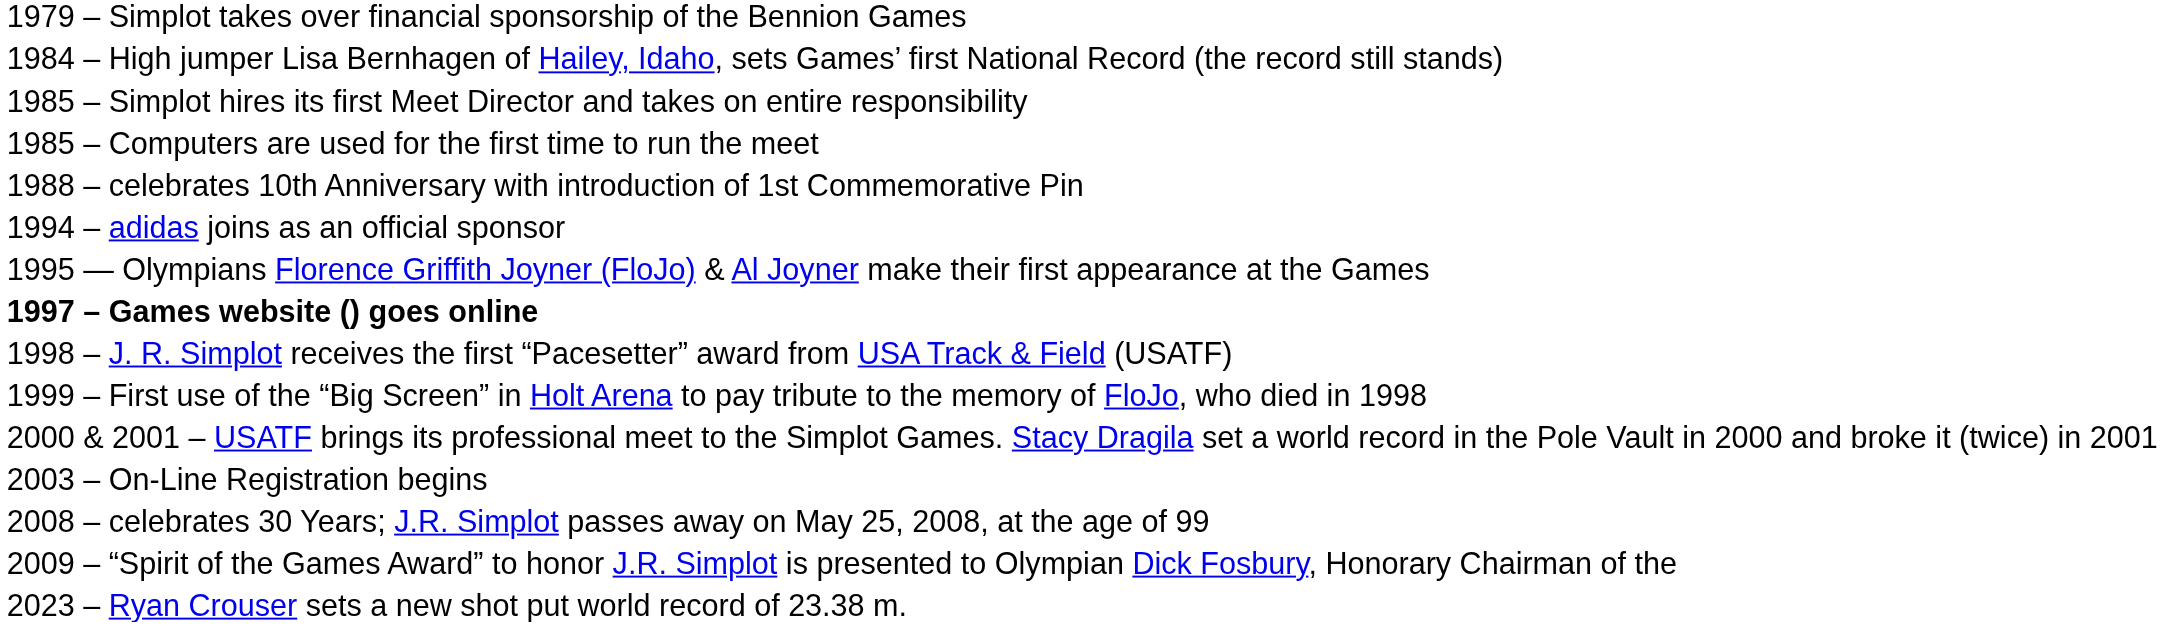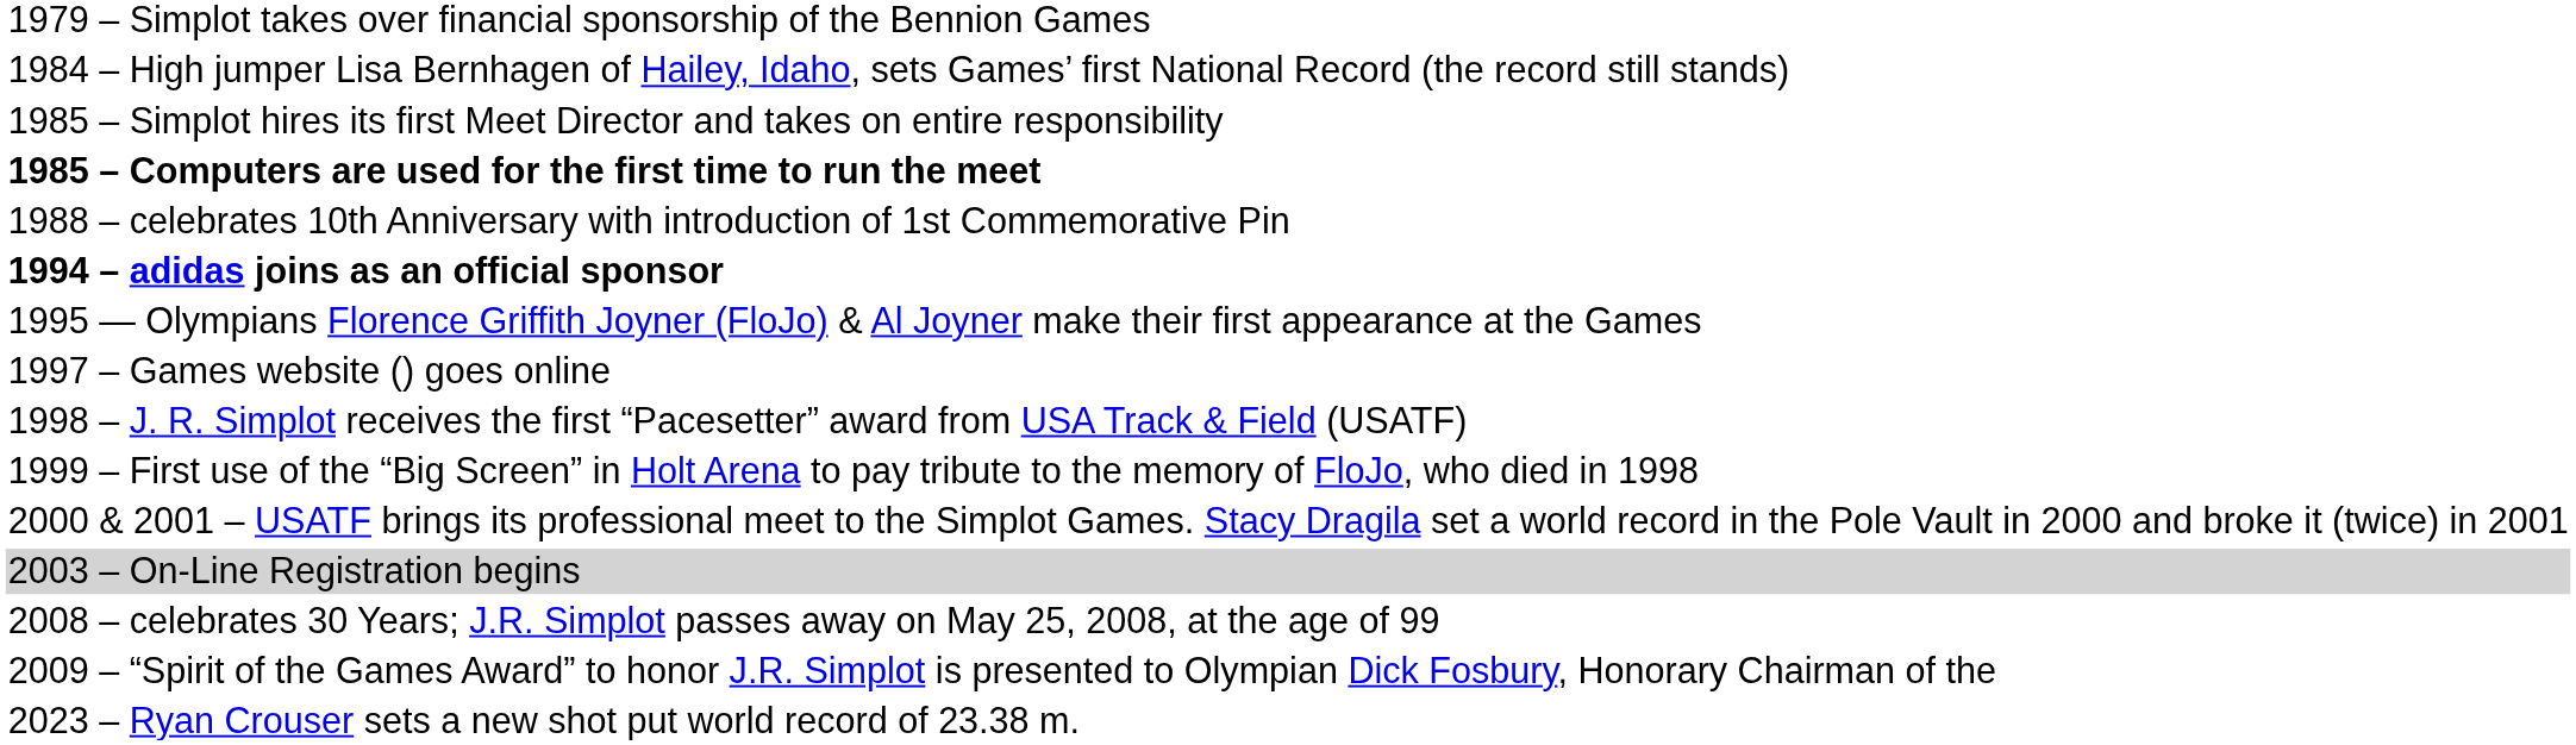 <table>
 <tr>
 <td>1979 – Simplot takes over financial sponsorship of the Bennion Games</td>
 </tr>
 <tr>
 <td>1984 – High jumper Lisa Bernhagen of <a href='#'>Hailey, Idaho</a>, sets Games’ first National Record (the record still stands)</td>
 </tr>
 <tr>
 <td>1985 – Simplot hires its first Meet Director and takes on entire responsibility</td>
 </tr>
 <tr>
-<td>1985 – Computers are used for the first time to run the meet</td>
+<td><strong>1985 – Computers are used for the first time to run the meet</strong></td>
 </tr>
 <tr>
 <td>1988 –  celebrates 10th Anniversary with introduction of 1st Commemorative Pin</td>
 </tr>
 <tr>
-<td>1994 – <a href='#'>adidas</a> joins  as an official sponsor</td>
+<td><strong>1994 – <a href='#'>adidas</a> joins  as an official sponsor</strong></td>
 </tr>
 <tr>
 <td>1995 — Olympians <a href='#'>Florence Griffith Joyner (FloJo)</a> & <a href='#'>Al Joyner</a> make their first appearance at the Games</td>
 </tr>
 <tr>
-<td><strong>1997 – Games website () goes online</strong></td>
+<td>1997 – Games website () goes online</td>
 </tr>
 <tr>
 <td>1998 – <a href='#'>J. R. Simplot</a> receives the first “Pacesetter” award from <a href='#'>USA Track & Field</a> (USATF)</td>
 </tr>
 <tr>
 <td>1999 – First use of the “Big Screen” in <a href='#'>Holt Arena</a> to pay tribute to the memory of <a href='#'>FloJo</a>, who died in 1998</td>
 </tr>
 <tr>
 <td>2000 & 2001 – <a href='#'>USATF</a> brings its professional meet to the Simplot Games. <a href='#'>Stacy Dragila</a> set a world record in the Pole Vault in 2000 and broke it (twice) in 2001</td>
 </tr>
 <tr>
-<td>2003 – On-Line Registration begins</td>
+<td style="background: lightgrey;">2003 – On-Line Registration begins</td>
 </tr>
 <tr>
 <td>2008 –  celebrates 30 Years; <a href='#'>J.R. Simplot</a> passes away on May 25, 2008, at the age of 99</td>
 </tr>
 <tr>
 <td>2009 – “Spirit of the Games Award” to honor <a href='#'>J.R. Simplot</a> is presented to Olympian <a href='#'>Dick Fosbury</a>, Honorary Chairman of the </td>
 </tr>
 <tr>
 <td>2023 – <a href='#'>Ryan Crouser</a> sets a new shot put world record of 23.38 m. </td>
 </tr>
 </table>
